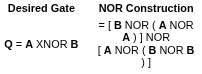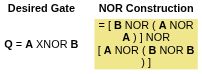 <table align=center style="text-align:center">
 <tr>
 <th width=150>Desired Gate</th>
 <th width=150>NOR Construction</th>
 </tr>
 <tr>
 <td></td>
 <td></td>
 </tr>
 <tr class="nowrap">
 <td><strong>Q</strong>  =  <strong>A</strong> XNOR <strong>B</strong></td>
-<td>= [ <strong>B</strong> NOR ( <strong>A</strong> NOR <strong>A</strong> ) ] NOR<br> [ <strong>A</strong> NOR ( <strong>B</strong> NOR <strong>B</strong> ) ]</td>
+<td style="background: khaki;">= [ <strong>B</strong> NOR ( <strong>A</strong> NOR <strong>A</strong> ) ] NOR<br> [ <strong>A</strong> NOR ( <strong>B</strong> NOR <strong>B</strong> ) ]</td>
 </tr>
 </table>
